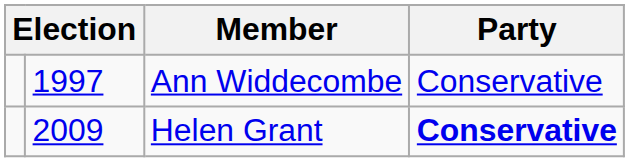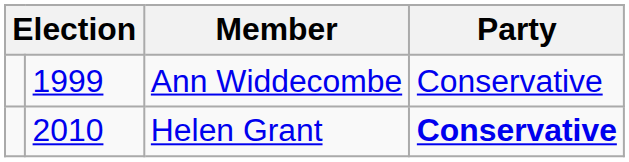 <table class="wikitable">
 <tr>
 <th colspan="2">Election</th>
 <th>Member</th>
 <th>Party</th>
 </tr>
 <tr>
 <td style="color:inherit;background-color: "></td>
-<td><a href='#'>1997</a></td>
+<td><a href='#'>1999</a></td>
 <td><a href='#'>Ann Widdecombe</a></td>
 <td><a href='#'>Conservative</a></td>
 </tr>
 <tr>
 <td style="color:inherit;background-color: "></td>
-<td><a href='#'>2009</a></td>
+<td><a href='#'>2010</a></td>
 <td><a href='#'>Helen Grant</a></td>
 <td><strong><a href='#'>Conservative</a></strong></td>
 </tr>
 </table>
